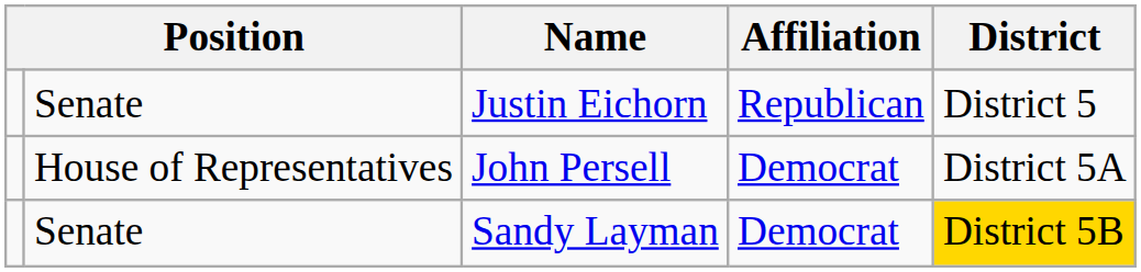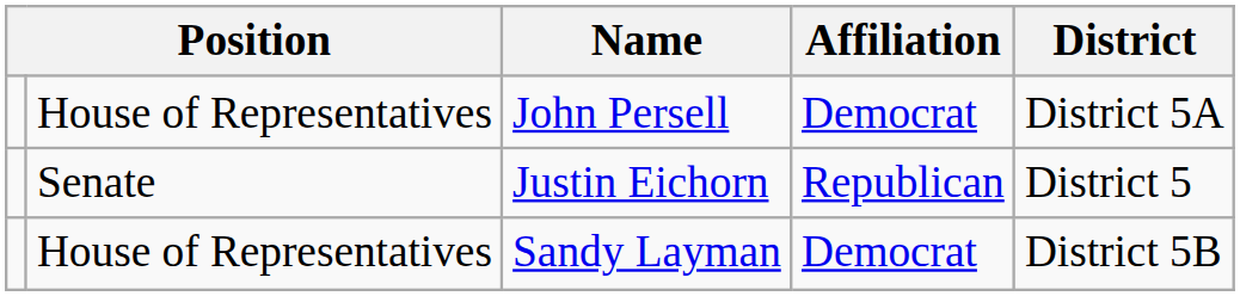 <table class="wikitable">
 <tr>
 <th colspan="2">Position</th>
 <th>Name</th>
 <th>Affiliation</th>
 <th>District</th>
+</tr>
+<tr>
+<td style="background-color:"></td>
+<td>House of Representatives</td>
+<td><a href='#'>John Persell</a></td>
+<td><a href='#'>Democrat</a></td>
+<td>District 5A</td>
 </tr>
 <tr>
 <td style="background-color:"></td>
 <td>Senate</td>
 <td><a href='#'>Justin Eichorn</a></td>
 <td><a href='#'>Republican</a></td>
 <td>District 5</td>
 </tr>
 <tr>
 <td style="background-color:"></td>
 <td>House of Representatives</td>
-<td><a href='#'>John Persell</a></td>
-<td><a href='#'>Democrat</a></td>
-<td>District 5A</td>
-</tr>
-<tr>
-<td style="background-color:"></td>
-<td>Senate</td>
 <td><a href='#'>Sandy Layman</a></td>
 <td><a href='#'>Democrat</a></td>
-<td style="background: gold;">District 5B</td>
+<td>District 5B</td>
 </tr>
 </table>
